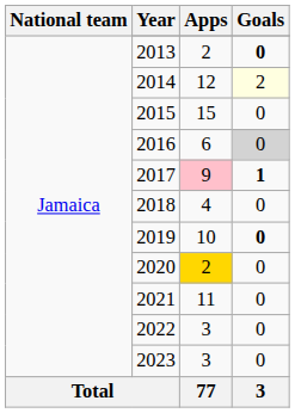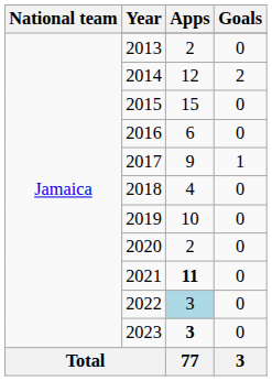 <table class="wikitable" style="text-align:center">
 <tr>
 <th>National team</th>
 <th>Year</th>
 <th>Apps</th>
 <th>Goals</th>
 </tr>
 <tr>
 <td rowspan="12"><a href='#'>Jamaica</a></td>
 </tr>
 <tr>
 <td>2013</td>
 <td>2</td>
-<td><strong>0</strong></td>
+<td>0</td>
 </tr>
 <tr>
 <td>2014</td>
 <td>12</td>
-<td style="background: lightyellow;">2</td>
+<td>2</td>
 </tr>
 <tr>
 <td>2015</td>
 <td>15</td>
 <td>0</td>
 </tr>
 <tr>
 <td>2016</td>
 <td>6</td>
-<td style="background: lightgrey;">0</td>
+<td>0</td>
 </tr>
 <tr>
 <td>2017</td>
-<td style="background: pink;">9</td>
-<td><strong>1</strong></td>
+<td>9</td>
+<td>1</td>
 </tr>
 <tr>
 <td>2018</td>
 <td>4</td>
 <td>0</td>
 </tr>
 <tr>
 <td>2019</td>
 <td>10</td>
-<td><strong>0</strong></td>
+<td>0</td>
 </tr>
 <tr>
 <td>2020</td>
-<td style="background: gold;">2</td>
+<td>2</td>
 <td>0</td>
 </tr>
 <tr>
 <td>2021</td>
-<td>11</td>
+<td><strong>11</strong></td>
 <td>0</td>
 </tr>
 <tr>
 <td>2022</td>
-<td>3</td>
+<td style="background: lightblue;">3</td>
 <td>0</td>
 </tr>
 <tr>
 <td>2023</td>
-<td>3</td>
+<td><strong>3</strong></td>
 <td>0</td>
 </tr>
 <tr>
 <th colspan=2>Total</th>
 <th>77</th>
 <th>3</th>
 </tr>
 </table>
